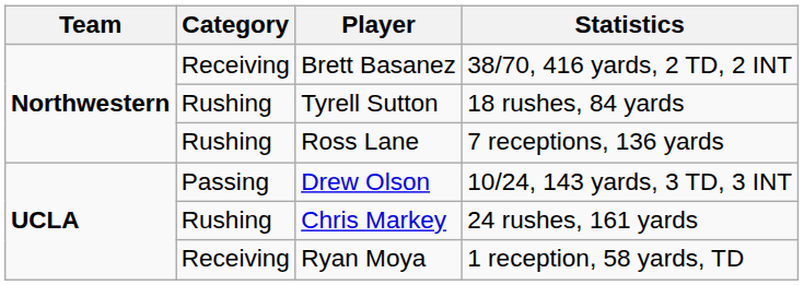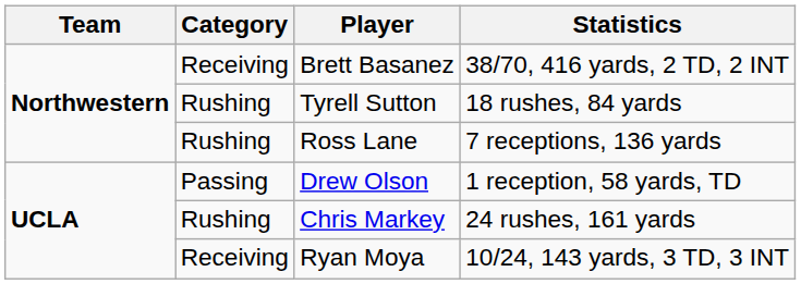 <table class="wikitable" style="float: left;">
 <tr>
 <th>Team</th>
 <th>Category</th>
 <th>Player</th>
 <th>Statistics</th>
 </tr>
 <tr>
 <td rowspan=3><strong>Northwestern</strong></td>
 <td>Receiving</td>
 <td>Brett Basanez</td>
 <td>38/70, 416 yards, 2 TD, 2 INT</td>
 </tr>
 <tr>
 <td>Rushing</td>
 <td>Tyrell Sutton</td>
 <td>18 rushes, 84 yards</td>
 </tr>
 <tr>
 <td>Rushing</td>
 <td>Ross Lane</td>
 <td>7 receptions, 136 yards</td>
 </tr>
 <tr>
 <td rowspan=3><strong>UCLA</strong></td>
 <td>Passing</td>
 <td><a href='#'>Drew Olson</a></td>
-<td>10/24, 143 yards, 3 TD, 3 INT</td>
+<td>1 reception, 58 yards, TD</td>
 </tr>
 <tr>
 <td>Rushing</td>
 <td><a href='#'>Chris Markey</a></td>
 <td>24 rushes, 161 yards</td>
 </tr>
 <tr>
 <td>Receiving</td>
 <td>Ryan Moya</td>
-<td>1 reception, 58 yards, TD</td>
+<td>10/24, 143 yards, 3 TD, 3 INT</td>
 </tr>
 </table>
